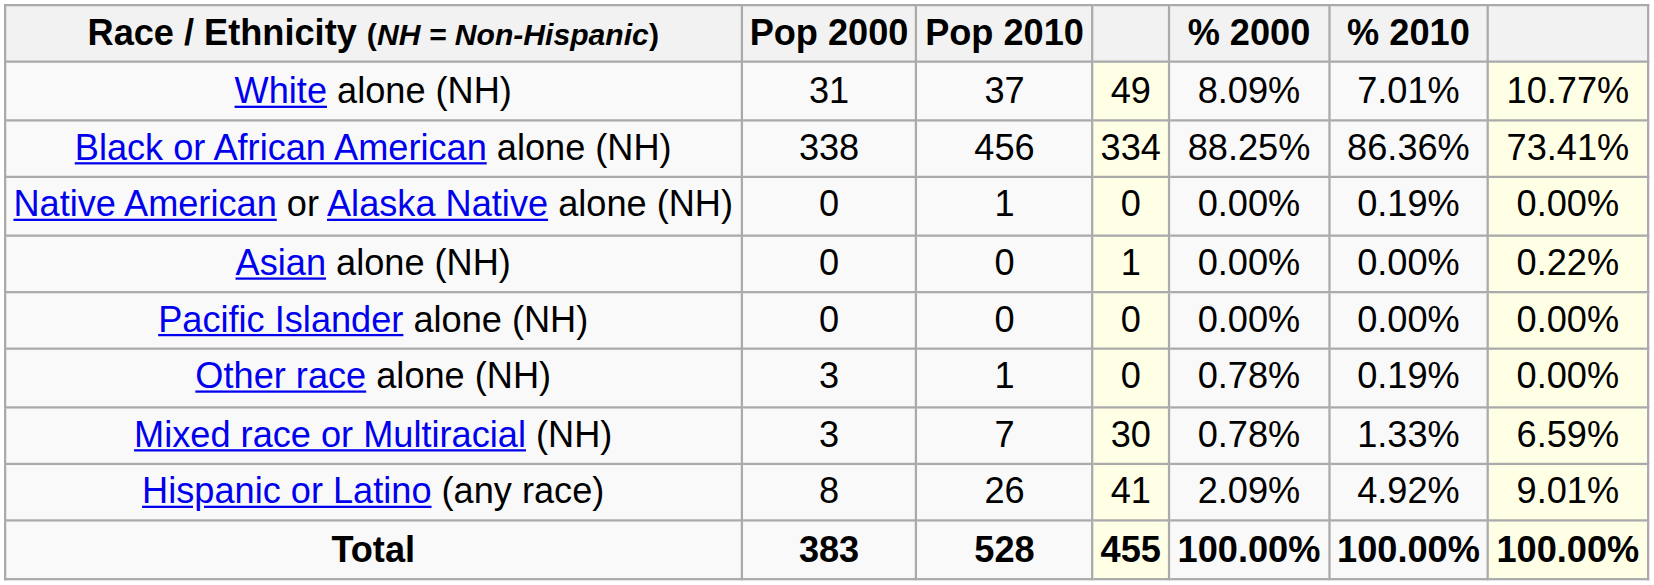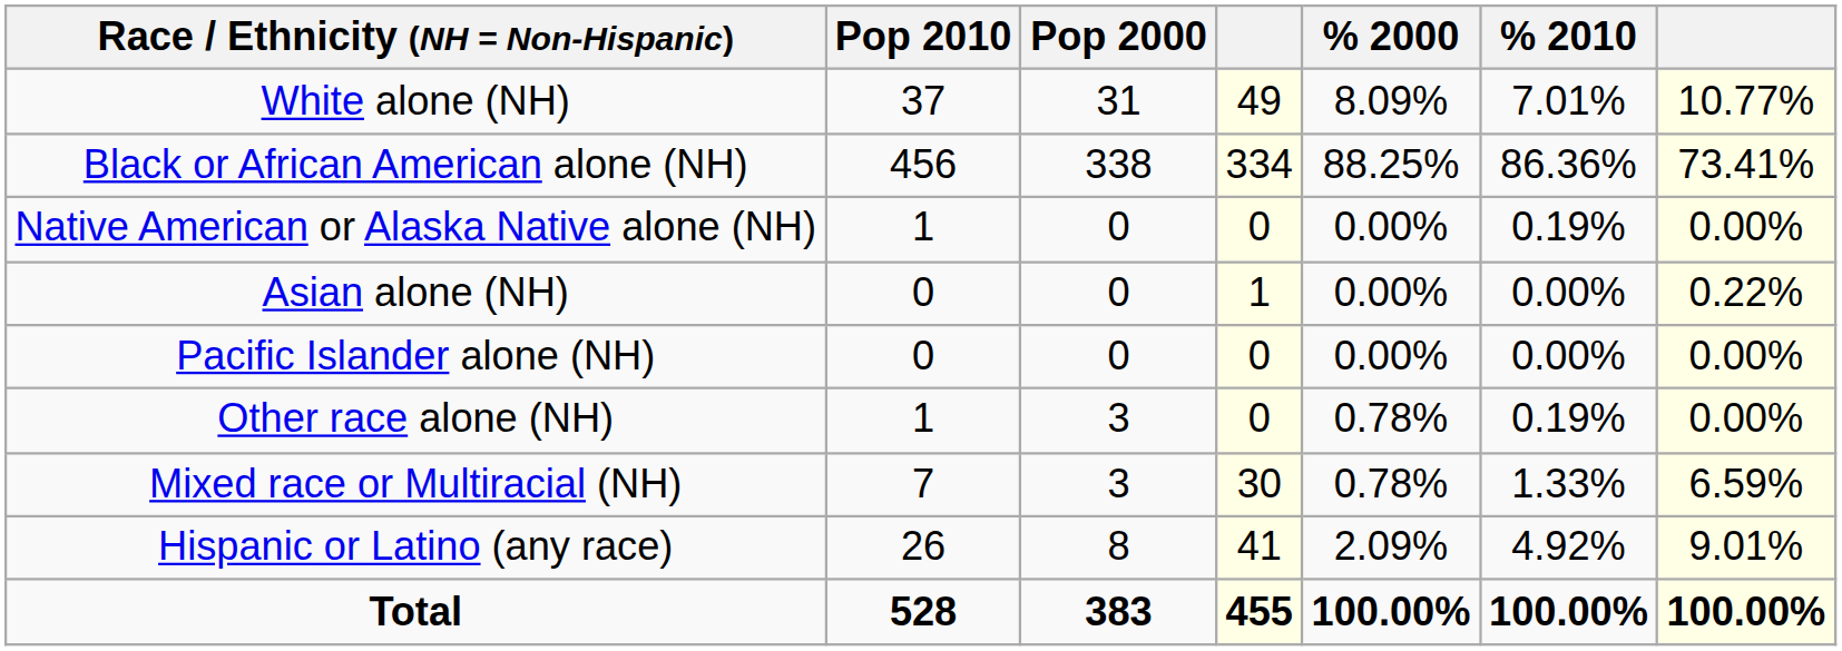 <table class="wikitable" style="text-align:center;">
 <tr>
 <th>Race / Ethnicity <small>(<em>NH = Non-Hispanic</em>)</small></th>
+<th>Pop 2010</th>
 <th>Pop 2000</th>
-<th>Pop 2010</th>
 <th></th>
 <th>% 2000</th>
 <th>% 2010</th>
 <th></th>
 </tr>
 <tr>
 <td><a href='#'>White</a> alone (NH)</td>
+<td>37</td>
 <td>31</td>
-<td>37</td>
 <td style='background: #ffffe6;'>49</td>
 <td>8.09%</td>
 <td>7.01%</td>
 <td style='background: #ffffe6;'>10.77%</td>
 </tr>
 <tr>
 <td><a href='#'>Black or African American</a> alone (NH)</td>
+<td>456</td>
 <td>338</td>
-<td>456</td>
 <td style='background: #ffffe6;'>334</td>
 <td>88.25%</td>
 <td>86.36%</td>
 <td style='background: #ffffe6;'>73.41%</td>
 </tr>
 <tr>
 <td><a href='#'>Native American</a> or <a href='#'>Alaska Native</a> alone (NH)</td>
+<td>1</td>
 <td>0</td>
-<td>1</td>
 <td style='background: #ffffe6;'>0</td>
 <td>0.00%</td>
 <td>0.19%</td>
 <td style='background: #ffffe6;'>0.00%</td>
 </tr>
 <tr>
 <td><a href='#'>Asian</a> alone (NH)</td>
 <td>0</td>
 <td>0</td>
 <td style='background: #ffffe6;'>1</td>
 <td>0.00%</td>
 <td>0.00%</td>
 <td style='background: #ffffe6;'>0.22%</td>
 </tr>
 <tr>
 <td><a href='#'>Pacific Islander</a> alone (NH)</td>
 <td>0</td>
 <td>0</td>
 <td style='background: #ffffe6;'>0</td>
 <td>0.00%</td>
 <td>0.00%</td>
 <td style='background: #ffffe6;'>0.00%</td>
 </tr>
 <tr>
 <td><a href='#'>Other race</a> alone (NH)</td>
+<td>1</td>
 <td>3</td>
-<td>1</td>
 <td style='background: #ffffe6;'>0</td>
 <td>0.78%</td>
 <td>0.19%</td>
 <td style='background: #ffffe6;'>0.00%</td>
 </tr>
 <tr>
 <td><a href='#'>Mixed race or Multiracial</a> (NH)</td>
+<td>7</td>
 <td>3</td>
-<td>7</td>
 <td style='background: #ffffe6;'>30</td>
 <td>0.78%</td>
 <td>1.33%</td>
 <td style='background: #ffffe6;'>6.59%</td>
 </tr>
 <tr>
 <td><a href='#'>Hispanic or Latino</a> (any race)</td>
+<td>26</td>
 <td>8</td>
-<td>26</td>
 <td style='background: #ffffe6;'>41</td>
 <td>2.09%</td>
 <td>4.92%</td>
 <td style='background: #ffffe6;'>9.01%</td>
 </tr>
 <tr>
 <td><strong>Total</strong></td>
+<td><strong>528</strong></td>
 <td><strong>383</strong></td>
-<td><strong>528</strong></td>
 <td style='background: #ffffe6;'><strong>455</strong></td>
 <td><strong>100.00%</strong></td>
 <td><strong>100.00%</strong></td>
 <td style='background: #ffffe6;'><strong>100.00%</strong></td>
 </tr>
 </table>
